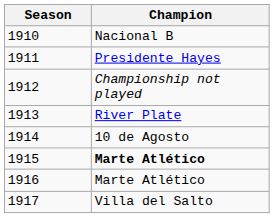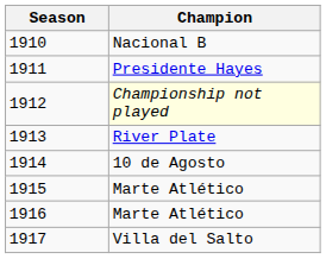 <table class="wikitable sortable">
 <tr>
 <th width=80px>Season</th>
 <th width=170px>Champion</th>
 </tr>
 <tr>
 <td>1910</td>
 <td>Nacional B</td>
 </tr>
 <tr>
 <td>1911</td>
 <td><a href='#'>Presidente Hayes</a></td>
 </tr>
 <tr>
 <td>1912</td>
-<td><em>Championship not played</em></td>
+<td style="background: lightyellow;"><em>Championship not played</em></td>
 </tr>
 <tr>
 <td>1913</td>
 <td><a href='#'>River Plate</a></td>
 </tr>
 <tr>
 <td>1914</td>
 <td>10 de Agosto</td>
 </tr>
 <tr>
 <td>1915</td>
-<td><strong>Marte Atlético</strong></td>
+<td>Marte Atlético</td>
 </tr>
 <tr>
 <td>1916</td>
 <td>Marte Atlético</td>
 </tr>
 <tr>
 <td>1917</td>
 <td>Villa del Salto</td>
 </tr>
 </table>
